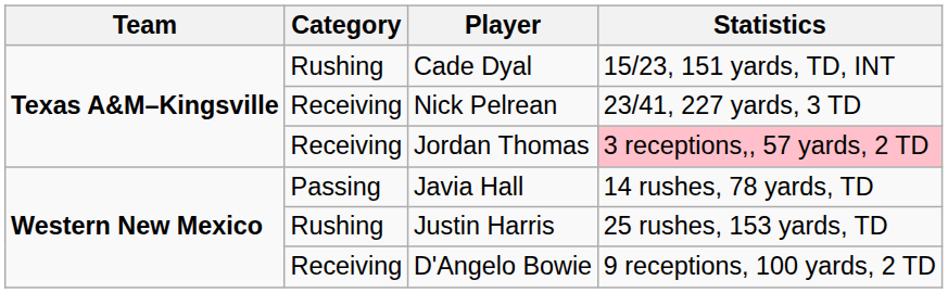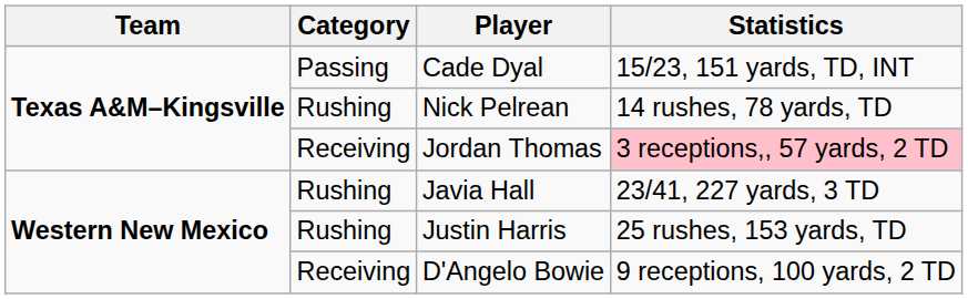 <table class="wikitable" style="float: left;">
 <tr>
 <th>Team</th>
 <th>Category</th>
 <th>Player</th>
 <th>Statistics</th>
 </tr>
 <tr>
 <td rowspan=3><strong>Texas A&M–Kingsville</strong></td>
-<td>Rushing</td>
+<td>Passing</td>
 <td>Cade Dyal</td>
 <td>15/23, 151 yards, TD, INT</td>
 </tr>
 <tr>
-<td>Receiving</td>
+<td>Rushing</td>
 <td>Nick Pelrean</td>
-<td>23/41, 227 yards, 3 TD</td>
+<td>14 rushes, 78 yards, TD</td>
 </tr>
 <tr>
 <td>Receiving</td>
 <td>Jordan Thomas</td>
 <td style="background: pink;">3 receptions,, 57 yards, 2 TD</td>
 </tr>
 <tr>
 <td rowspan=3><strong>Western New Mexico</strong></td>
-<td>Passing</td>
+<td>Rushing</td>
 <td>Javia Hall</td>
-<td>14 rushes, 78 yards, TD</td>
+<td>23/41, 227 yards, 3 TD</td>
 </tr>
 <tr>
 <td>Rushing</td>
 <td>Justin Harris</td>
 <td>25 rushes, 153 yards, TD</td>
 </tr>
 <tr>
 <td>Receiving</td>
 <td>D'Angelo Bowie</td>
 <td>9 receptions, 100 yards, 2 TD</td>
 </tr>
 </table>
